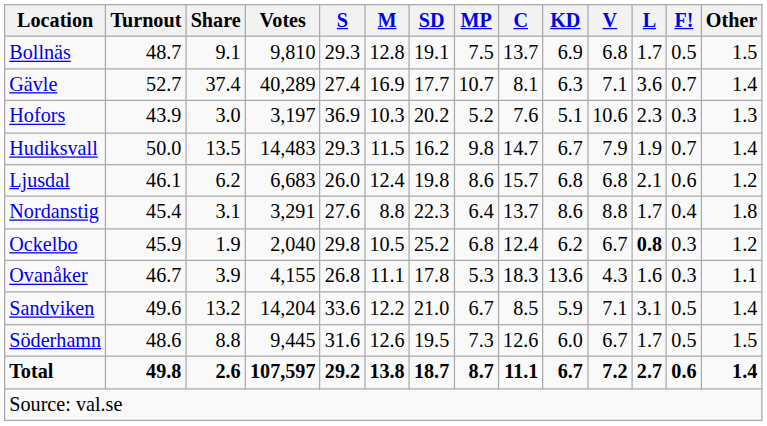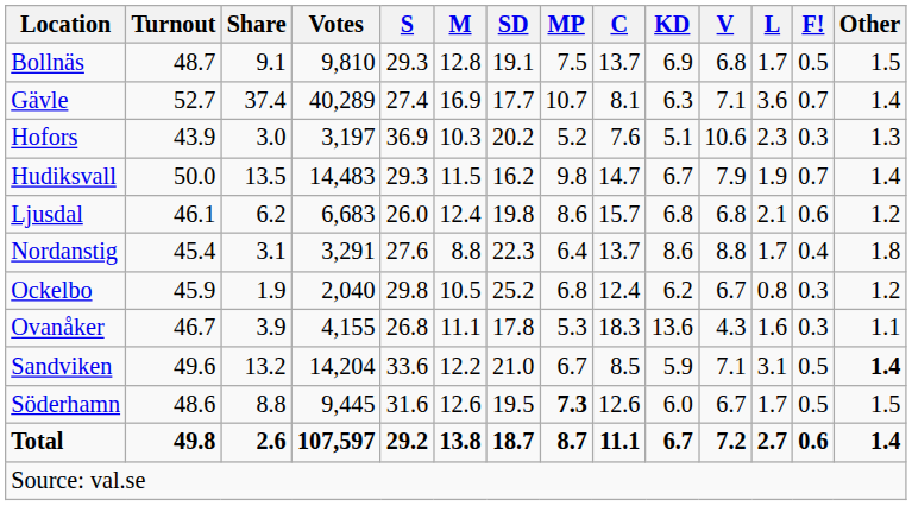 <table class="wikitable sortable" style=text-align:right>
 <tr>
 <th>Location</th>
 <th>Turnout</th>
 <th>Share</th>
 <th>Votes</th>
 <th><a href='#'>S</a></th>
 <th><a href='#'>M</a></th>
 <th><a href='#'>SD</a></th>
 <th><a href='#'>MP</a></th>
 <th><a href='#'>C</a></th>
 <th><a href='#'>KD</a></th>
 <th><a href='#'>V</a></th>
 <th><a href='#'>L</a></th>
 <th><a href='#'>F!</a></th>
 <th>Other</th>
 </tr>
 <tr>
 <td align=left><a href='#'>Bollnäs</a></td>
 <td>48.7</td>
 <td>9.1</td>
 <td>9,810</td>
 <td>29.3</td>
 <td>12.8</td>
 <td>19.1</td>
 <td>7.5</td>
 <td>13.7</td>
 <td>6.9</td>
 <td>6.8</td>
 <td>1.7</td>
 <td>0.5</td>
 <td>1.5</td>
 </tr>
 <tr>
 <td align=left><a href='#'>Gävle</a></td>
 <td>52.7</td>
 <td>37.4</td>
 <td>40,289</td>
 <td>27.4</td>
 <td>16.9</td>
 <td>17.7</td>
 <td>10.7</td>
 <td>8.1</td>
 <td>6.3</td>
 <td>7.1</td>
 <td>3.6</td>
 <td>0.7</td>
 <td>1.4</td>
 </tr>
 <tr>
 <td align=left><a href='#'>Hofors</a></td>
 <td>43.9</td>
 <td>3.0</td>
 <td>3,197</td>
 <td>36.9</td>
 <td>10.3</td>
 <td>20.2</td>
 <td>5.2</td>
 <td>7.6</td>
 <td>5.1</td>
 <td>10.6</td>
 <td>2.3</td>
 <td>0.3</td>
 <td>1.3</td>
 </tr>
 <tr>
 <td align=left><a href='#'>Hudiksvall</a></td>
 <td>50.0</td>
 <td>13.5</td>
 <td>14,483</td>
 <td>29.3</td>
 <td>11.5</td>
 <td>16.2</td>
 <td>9.8</td>
 <td>14.7</td>
 <td>6.7</td>
 <td>7.9</td>
 <td>1.9</td>
 <td>0.7</td>
 <td>1.4</td>
 </tr>
 <tr>
 <td align=left><a href='#'>Ljusdal</a></td>
 <td>46.1</td>
 <td>6.2</td>
 <td>6,683</td>
 <td>26.0</td>
 <td>12.4</td>
 <td>19.8</td>
 <td>8.6</td>
 <td>15.7</td>
 <td>6.8</td>
 <td>6.8</td>
 <td>2.1</td>
 <td>0.6</td>
 <td>1.2</td>
 </tr>
 <tr>
 <td align=left><a href='#'>Nordanstig</a></td>
 <td>45.4</td>
 <td>3.1</td>
 <td>3,291</td>
 <td>27.6</td>
 <td>8.8</td>
 <td>22.3</td>
 <td>6.4</td>
 <td>13.7</td>
 <td>8.6</td>
 <td>8.8</td>
 <td>1.7</td>
 <td>0.4</td>
 <td>1.8</td>
 </tr>
 <tr>
 <td align=left><a href='#'>Ockelbo</a></td>
 <td>45.9</td>
 <td>1.9</td>
 <td>2,040</td>
 <td>29.8</td>
 <td>10.5</td>
 <td>25.2</td>
 <td>6.8</td>
 <td>12.4</td>
 <td>6.2</td>
 <td>6.7</td>
-<td><strong>0.8</strong></td>
+<td>0.8</td>
 <td>0.3</td>
 <td>1.2</td>
 </tr>
 <tr>
 <td align=left><a href='#'>Ovanåker</a></td>
 <td>46.7</td>
 <td>3.9</td>
 <td>4,155</td>
 <td>26.8</td>
 <td>11.1</td>
 <td>17.8</td>
 <td>5.3</td>
 <td>18.3</td>
 <td>13.6</td>
 <td>4.3</td>
 <td>1.6</td>
 <td>0.3</td>
 <td>1.1</td>
 </tr>
 <tr>
 <td align=left><a href='#'>Sandviken</a></td>
 <td>49.6</td>
 <td>13.2</td>
 <td>14,204</td>
 <td>33.6</td>
 <td>12.2</td>
 <td>21.0</td>
 <td>6.7</td>
 <td>8.5</td>
 <td>5.9</td>
 <td>7.1</td>
 <td>3.1</td>
 <td>0.5</td>
-<td>1.4</td>
+<td><strong>1.4</strong></td>
 </tr>
 <tr>
 <td align=left><a href='#'>Söderhamn</a></td>
 <td>48.6</td>
 <td>8.8</td>
 <td>9,445</td>
 <td>31.6</td>
 <td>12.6</td>
 <td>19.5</td>
-<td>7.3</td>
+<td><strong>7.3</strong></td>
 <td>12.6</td>
 <td>6.0</td>
 <td>6.7</td>
 <td>1.7</td>
 <td>0.5</td>
 <td>1.5</td>
 </tr>
 <tr>
 <td align=left><strong>Total</strong></td>
 <td><strong>49.8</strong></td>
 <td><strong>2.6</strong></td>
 <td><strong>107,597</strong></td>
 <td><strong>29.2</strong></td>
 <td><strong>13.8</strong></td>
 <td><strong>18.7</strong></td>
 <td><strong>8.7</strong></td>
 <td><strong>11.1</strong></td>
 <td><strong>6.7</strong></td>
 <td><strong>7.2</strong></td>
 <td><strong>2.7</strong></td>
 <td><strong>0.6</strong></td>
 <td><strong>1.4</strong></td>
 </tr>
 <tr>
 <td align=left colspan=14>Source: val.se </td>
 </tr>
 </table>
